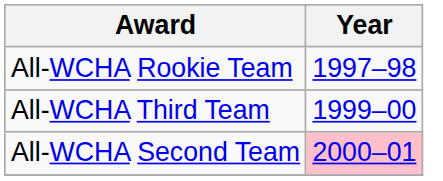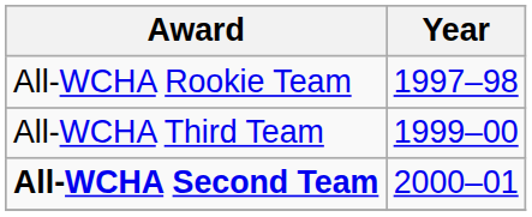 <table class="wikitable">
 <tr>
 <th>Award</th>
 <th>Year</th>
 </tr>
 <tr>
 <td>All-<a href='#'>WCHA</a> <a href='#'>Rookie Team</a></td>
 <td><a href='#'>1997–98</a></td>
 </tr>
 <tr>
 <td>All-<a href='#'>WCHA</a> <a href='#'>Third Team</a></td>
 <td><a href='#'>1999–00</a></td>
 </tr>
 <tr>
-<td>All-<a href='#'>WCHA</a> <a href='#'>Second Team</a></td>
-<td style="background: pink;"><a href='#'>2000–01</a></td>
+<td><strong>All-<a href='#'>WCHA</a> <a href='#'>Second Team</a></strong></td>
+<td><a href='#'>2000–01</a></td>
 </tr>
 <tr>
 </tr>
 </table>
